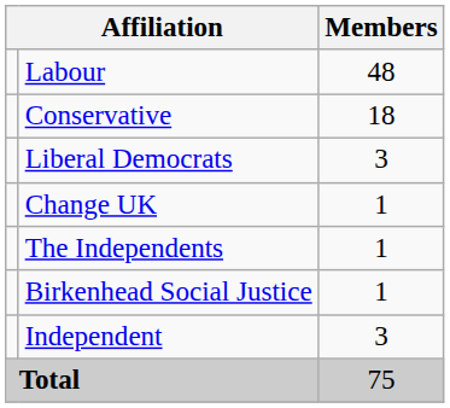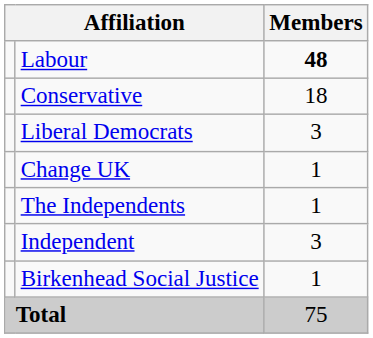 <table class="wikitable">
 <tr>
 <th colspan="2">Affiliation</th>
 <th>Members</th>
 </tr>
 <tr>
 <td></td>
 <td><a href='#'>Labour</a></td>
-<td style="text-align:center;">48</td>
+<td style="text-align:center;"><strong>48</strong></td>
 </tr>
 <tr>
 <td></td>
 <td><a href='#'>Conservative</a></td>
 <td style="text-align:center;">18</td>
 </tr>
 <tr>
 <td></td>
 <td><a href='#'>Liberal Democrats</a></td>
 <td style="text-align:center;">3</td>
 </tr>
 <tr>
 <td></td>
 <td><a href='#'>Change UK</a></td>
 <td style="text-align:center;">1</td>
 </tr>
 <tr>
 <td></td>
 <td><a href='#'>The Independents</a></td>
 <td style="text-align:center;">1</td>
 </tr>
 <tr>
 <td></td>
-<td><a href='#'>Birkenhead Social Justice</a></td>
-<td style="text-align:center;">1</td>
+<td><a href='#'>Independent</a></td>
+<td style="text-align:center;">3</td>
 </tr>
 <tr>
 <td></td>
-<td><a href='#'>Independent</a></td>
-<td style="text-align:center;">3</td>
+<td><a href='#'>Birkenhead Social Justice</a></td>
+<td style="text-align:center;">1</td>
 </tr>
 <tr style="background:#ccc;">
 <td colspan="2"> <strong>Total</strong></td>
 <td style="text-align:center;">75</td>
 </tr>
 </table>
